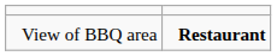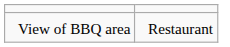 <table class="wikitable" border="0">
 <tr>
 <td></td>
 <td></td>
 </tr>
 <tr>
 <td>  <small>View of BBQ area</small></td>
-<td><strong>  <small>Restaurant</small></strong></td>
+<td>  <small>Restaurant</small></td>
 </tr>
 </table>
